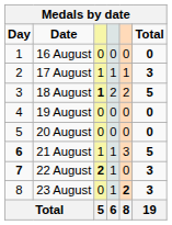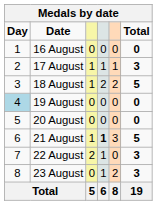 <table class="wikitable" style="font-size:85%; text-align:center;">
 <tr style="background:#efefef;">
 <th colspan=6><strong>Medals by date</strong></th>
 </tr>
 <tr>
 <td><strong>Day</strong></td>
 <td><strong>Date</strong></td>
 <td style="background:#F7F6A8;"></td>
 <td style="background:#DCE5E5;"></td>
 <td style="background:#FFDAB9;"></td>
 <td><strong>Total</strong></td>
 </tr>
 <tr>
 <td>1</td>
 <td>16 August</td>
 <td style="background:#F7F6A8;">0</td>
 <td style="background:#DCE5E5;">0</td>
 <td style="background:#FFDAB9;">0</td>
 <td><strong>0</strong></td>
 </tr>
 <tr>
 <td>2</td>
 <td>17 August</td>
 <td style="background:#F7F6A8;">1</td>
 <td style="background:#DCE5E5;">1</td>
 <td style="background:#FFDAB9;">1</td>
 <td><strong>3</strong></td>
 </tr>
 <tr>
 <td>3</td>
 <td>18 August</td>
-<td style="background:#F7F6A8;"><strong>1</strong></td>
+<td style="background:#F7F6A8;">1</td>
 <td style="background:#DCE5E5;">2</td>
 <td style="background:#FFDAB9;">2</td>
 <td><strong>5</strong></td>
 </tr>
 <tr>
-<td>4</td>
+<td style="background: lightblue;">4</td>
 <td>19 August</td>
 <td style="background:#F7F6A8;">0</td>
 <td style="background:#DCE5E5;">0</td>
 <td style="background:#FFDAB9;">0</td>
 <td><strong>0</strong></td>
 </tr>
 <tr>
 <td>5</td>
 <td>20 August</td>
 <td style="background:#F7F6A8;">0</td>
 <td style="background:#DCE5E5;">0</td>
 <td style="background:#FFDAB9;">0</td>
 <td><strong>0</strong></td>
 </tr>
 <tr>
-<td><strong>6</strong></td>
+<td>6</td>
 <td>21 August</td>
 <td style="background:#F7F6A8;">1</td>
-<td style="background:#DCE5E5;">1</td>
+<td style="background:#DCE5E5;"><strong>1</strong></td>
 <td style="background:#FFDAB9;">3</td>
 <td><strong>5</strong></td>
 </tr>
 <tr>
-<td><strong>7</strong></td>
+<td>7</td>
 <td>22 August</td>
-<td style="background:#F7F6A8;"><strong>2</strong></td>
+<td style="background:#F7F6A8;">2</td>
 <td style="background:#DCE5E5;">1</td>
 <td style="background:#FFDAB9;">0</td>
 <td><strong>3</strong></td>
 </tr>
 <tr>
 <td>8</td>
 <td>23 August</td>
 <td style="background:#F7F6A8;">0</td>
 <td style="background:#DCE5E5;">1</td>
-<td style="background:#FFDAB9;"><strong>2</strong></td>
+<td style="background:#FFDAB9;">2</td>
 <td><strong>3</strong></td>
 </tr>
 <tr>
 <th colspan="2">Total</th>
 <th>5</th>
 <th>6</th>
 <th>8</th>
 <th>19</th>
 </tr>
 </table>
